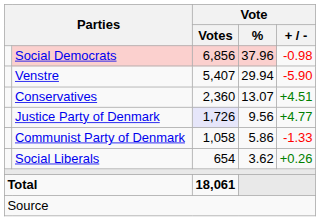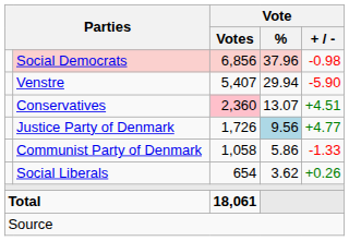 <table class="wikitable" style="text-align:right;">
 <tr>
 <th style="text-align:centre;" rowspan="2" colspan="2" width="225">Parties</th>
 <th colspan="3">Vote</th>
 </tr>
 <tr>
 <th width="15">Votes</th>
 <th width="15">%</th>
 <th width="15">+ / -</th>
 </tr>
 <tr>
 <td width="2" style="color:inherit;background:"></td>
 <td bgcolor=#fbd0ce  align="left"><a href='#'>Social Democrats</a></td>
 <td bgcolor=#fbd0ce>6,856</td>
 <td bgcolor=#fbd0ce>37.96</td>
 <td style=color:red;>-0.98</td>
 </tr>
 <tr>
 <td width="2" style="color:inherit;background:"></td>
 <td align="left"><a href='#'>Venstre</a></td>
 <td>5,407</td>
 <td>29.94</td>
 <td style=color:red;>-5.90</td>
 </tr>
 <tr>
 <td width="2" style="color:inherit;background:"></td>
 <td align="left"><a href='#'>Conservatives</a></td>
-<td>2,360</td>
+<td style="background: pink;">2,360</td>
 <td>13.07</td>
 <td style=color:green;>+4.51</td>
 </tr>
 <tr>
 <td width="2" style="color:inherit;background:"></td>
 <td align="left"><a href='#'>Justice Party of Denmark</a></td>
-<td style="background: lavender;">1,726</td>
-<td>9.56</td>
+<td>1,726</td>
+<td style="background: lightblue;">9.56</td>
 <td style=color:green;>+4.77</td>
 </tr>
 <tr>
 <td width="2" style="color:inherit;background:"></td>
 <td align="left"><a href='#'>Communist Party of Denmark</a></td>
 <td>1,058</td>
 <td>5.86</td>
 <td style=color:red;>-1.33</td>
 </tr>
 <tr>
 <td width="2" style="color:inherit;background:"></td>
 <td align="left"><a href='#'>Social Liberals</a></td>
 <td>654</td>
 <td>3.62</td>
 <td style=color:green;>+0.26</td>
 </tr>
 <tr>
 <td colspan="7" bgcolor="#E9E9E9"></td>
 </tr>
 <tr>
 <td align="left" colspan="2"><strong>Total</strong></td>
 <td><strong>18,061</strong></td>
 <td bgcolor="#E9E9E9" colspan="2"></td>
 </tr>
 <tr>
 <td align="left" colspan="6">Source</td>
 </tr>
 </table>
